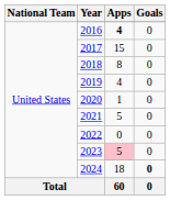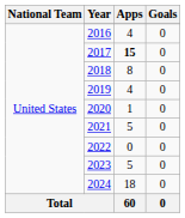 <table class="wikitable" style="text-align:center">
 <tr>
 <th>National Team</th>
 <th>Year</th>
 <th>Apps</th>
 <th>Goals</th>
 </tr>
 <tr>
 <td rowspan=10><a href='#'>United States</a></td>
 </tr>
 <tr>
 <td><a href='#'>2016</a></td>
-<td><strong>4</strong></td>
+<td>4</td>
 <td>0</td>
 </tr>
 <tr>
 <td><a href='#'>2017</a></td>
-<td>15</td>
+<td><strong>15</strong></td>
 <td>0</td>
 </tr>
 <tr>
 <td><a href='#'>2018</a></td>
 <td>8</td>
 <td>0</td>
 </tr>
 <tr>
 <td><a href='#'>2019</a></td>
 <td>4</td>
 <td>0</td>
 </tr>
 <tr>
 <td><a href='#'>2020</a></td>
 <td>1</td>
 <td>0</td>
 </tr>
 <tr>
 <td><a href='#'>2021</a></td>
 <td>5</td>
 <td>0</td>
 </tr>
 <tr>
 <td><a href='#'>2022</a></td>
 <td>0</td>
 <td>0</td>
 </tr>
 <tr>
 <td><a href='#'>2023</a></td>
-<td style="background: pink;">5</td>
+<td>5</td>
 <td>0</td>
 </tr>
 <tr>
 <td><a href='#'>2024</a></td>
 <td>18</td>
-<td><strong>0</strong></td>
+<td>0</td>
 </tr>
 <tr>
 <th colspan=2>Total</th>
 <th>60</th>
 <th>0</th>
 </tr>
 </table>
